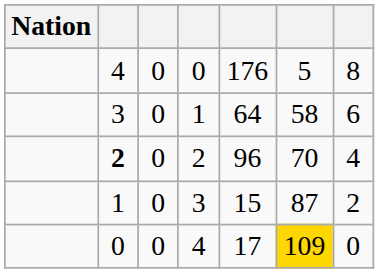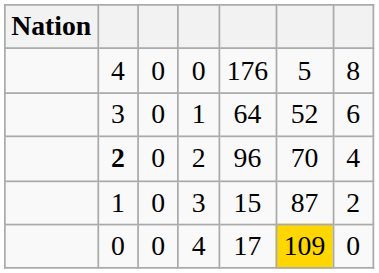 <table class="wikitable" style="text-align:center;">
 <tr>
 <th>Nation</th>
 <th style="width:1em;"></th>
 <th style="width:1em;"></th>
 <th style="width:1em;"></th>
 <th style="width:1.6em;"></th>
 <th style="width:1.6em;"></th>
 <th style="width:1em;"></th>
 </tr>
 <tr>
 <td align=left></td>
 <td>4</td>
 <td>0</td>
 <td>0</td>
 <td>176</td>
 <td>5</td>
 <td>8</td>
 </tr>
 <tr>
 <td align=left></td>
 <td>3</td>
 <td>0</td>
 <td>1</td>
 <td>64</td>
-<td>58</td>
+<td>52</td>
 <td>6</td>
 </tr>
 <tr>
 <td align=left></td>
 <td><strong>2</strong></td>
 <td>0</td>
 <td>2</td>
 <td>96</td>
 <td>70</td>
 <td>4</td>
 </tr>
 <tr>
 <td align=left style="padding-right: 1px;"></td>
 <td>1</td>
 <td>0</td>
 <td>3</td>
 <td>15</td>
 <td>87</td>
 <td>2</td>
 </tr>
 <tr>
 <td align=left></td>
 <td>0</td>
 <td>0</td>
 <td>4</td>
 <td>17</td>
 <td style="background: gold;">109</td>
 <td>0</td>
 </tr>
 </table>
